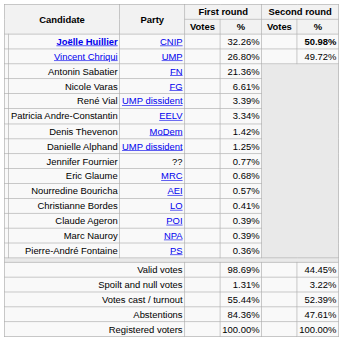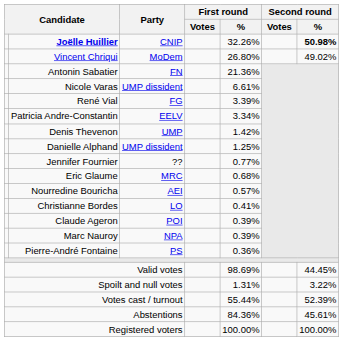 <table class="wikitable" style="text-align:right;font-size:95%;">
 <tr>
 <th rowspan=2 colspan=2>Candidate</th>
 <th rowspan=2 colspan=1>Party</th>
 <th colspan=2>First round</th>
 <th colspan=2>Second round</th>
 </tr>
 <tr>
 <th style="width:50px;">Votes</th>
 <th style="width:55px;">%</th>
 <th style="width:50px;">Votes</th>
 <th style="width:55px;">%</th>
 </tr>
 <tr>
 <td style="color:inherit;background-color:"></td>
 <td><strong><a href='#'>Joëlle Huillier</a></strong></td>
 <td><a href='#'>CNIP</a></td>
 <td></td>
 <td>32.26%</td>
 <td><strong></strong></td>
 <td><strong>50.98%</strong></td>
 </tr>
 <tr>
 <td style="color:inherit;background-color:"></td>
 <td><a href='#'>Vincent Chriqui</a></td>
-<td><a href='#'>UMP</a></td>
+<td><a href='#'>MoDem</a></td>
 <td></td>
 <td>26.80%</td>
 <td></td>
-<td>49.72%</td>
+<td>49.02%</td>
 </tr>
 <tr>
 <td style="color:inherit;background-color:"></td>
 <td>Antonin Sabatier</td>
 <td><a href='#'>FN</a></td>
 <td></td>
 <td>21.36%</td>
 <td colspan=7 rowspan=13 style="background-color:#E9E9E9;"></td>
 </tr>
 <tr>
 <td style="color:inherit;background-color:"></td>
 <td>Nicole Varas</td>
-<td><a href='#'>FG</a></td>
+<td><a href='#'>UMP dissident</a></td>
 <td></td>
 <td>6.61%</td>
 </tr>
 <tr>
 <td style="color:inherit;background-color:"></td>
 <td>René Vial</td>
-<td><a href='#'>UMP dissident</a></td>
+<td><a href='#'>FG</a></td>
 <td></td>
 <td>3.39%</td>
 </tr>
 <tr>
 <td style="color:inherit;background-color:"></td>
 <td>Patricia Andre-Constantin</td>
 <td><a href='#'>EELV</a></td>
 <td></td>
 <td>3.34%</td>
 </tr>
 <tr>
 <td style="color:inherit;background-color:"></td>
 <td>Denis Thevenon</td>
-<td><a href='#'>MoDem</a></td>
+<td><a href='#'>UMP</a></td>
 <td></td>
 <td>1.42%</td>
 </tr>
 <tr>
 <td style="color:inherit;background-color:"></td>
 <td>Danielle Alphand</td>
 <td><a href='#'>UMP dissident</a></td>
 <td></td>
 <td>1.25%</td>
 </tr>
 <tr>
 <td style="color:inherit;background-color:"></td>
 <td>Jennifer Fournier</td>
 <td>??</td>
 <td></td>
 <td>0.77%</td>
 </tr>
 <tr>
 <td style="color:inherit;background-color:"></td>
 <td>Eric Glaume</td>
 <td><a href='#'>MRC</a></td>
 <td></td>
 <td>0.68%</td>
 </tr>
 <tr>
 <td style="color:inherit;background-color:"></td>
 <td>Nourredine Bouricha</td>
 <td><a href='#'>AEI</a></td>
 <td></td>
 <td>0.57%</td>
 </tr>
 <tr>
 <td style="color:inherit;background-color:"></td>
 <td>Christianne Bordes</td>
 <td><a href='#'>LO</a></td>
 <td></td>
 <td>0.41%</td>
 </tr>
 <tr>
 <td style="color:inherit;background-color:"></td>
 <td>Claude Ageron</td>
 <td><a href='#'>POI</a></td>
 <td></td>
 <td>0.39%</td>
 </tr>
 <tr>
 <td style="color:inherit;background-color:"></td>
 <td>Marc Nauroy</td>
 <td><a href='#'>NPA</a></td>
 <td></td>
 <td>0.39%</td>
 </tr>
 <tr>
 <td style="color:inherit;background-color:"></td>
 <td>Pierre-André Fontaine</td>
 <td><a href='#'>PS</a></td>
 <td></td>
 <td>0.36%</td>
 </tr>
 <tr>
 <td colspan=7 style="background-color:#E9E9E9;"></td>
 </tr>
 <tr>
 <td colspan=3>Valid votes</td>
 <td></td>
 <td>98.69%</td>
 <td></td>
 <td>44.45%</td>
 </tr>
 <tr>
 <td colspan=3>Spoilt and null votes</td>
 <td></td>
 <td>1.31%</td>
 <td></td>
 <td>3.22%</td>
 </tr>
 <tr>
 <td colspan=3>Votes cast / turnout</td>
 <td></td>
 <td>55.44%</td>
 <td></td>
 <td>52.39%</td>
 </tr>
 <tr>
 <td colspan=3>Abstentions</td>
 <td></td>
 <td>84.36%</td>
 <td></td>
-<td>47.61%</td>
+<td>45.61%</td>
 </tr>
 <tr>
 <td colspan=3>Registered voters</td>
 <td></td>
 <td>100.00%</td>
 <td></td>
 <td>100.00%</td>
 </tr>
 </table>
